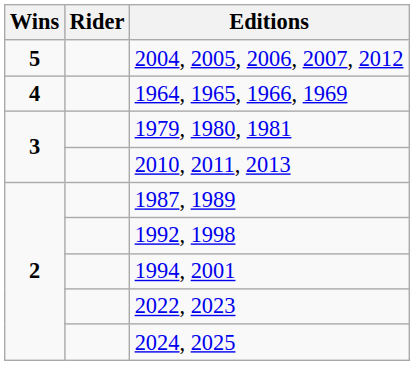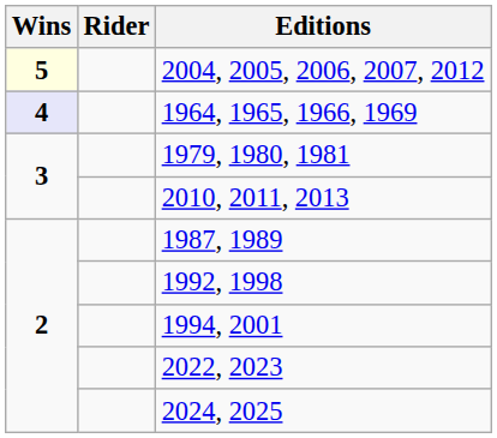 <table class="wikitable">
 <tr>
 <th>Wins</th>
 <th>Rider</th>
 <th>Editions</th>
 </tr>
 <tr>
-<td align=center><strong>5</strong></td>
+<td align=center style="background: lightyellow;"><strong>5</strong></td>
 <td></td>
 <td><a href='#'>2004</a>, <a href='#'>2005</a>, <a href='#'>2006</a>, <a href='#'>2007</a>, <a href='#'>2012</a></td>
 </tr>
 <tr>
-<td align=center><strong>4</strong></td>
+<td align=center style="background: lavender;"><strong>4</strong></td>
 <td></td>
 <td><a href='#'>1964</a>, <a href='#'>1965</a>, <a href='#'>1966</a>, <a href='#'>1969</a></td>
 </tr>
 <tr>
 <td align=center rowspan= 2><strong>3</strong></td>
 <td></td>
 <td><a href='#'>1979</a>, <a href='#'>1980</a>, <a href='#'>1981</a></td>
 </tr>
 <tr>
 <td></td>
 <td><a href='#'>2010</a>, <a href='#'>2011</a>, <a href='#'>2013</a></td>
 </tr>
 <tr>
 <td align=center rowspan= 5><strong>2</strong></td>
 <td></td>
 <td><a href='#'>1987</a>, <a href='#'>1989</a></td>
 </tr>
 <tr>
 <td></td>
 <td><a href='#'>1992</a>, <a href='#'>1998</a></td>
 </tr>
 <tr>
 <td></td>
 <td><a href='#'>1994</a>, <a href='#'>2001</a></td>
 </tr>
 <tr>
 <td></td>
 <td><a href='#'>2022</a>, <a href='#'>2023</a></td>
 </tr>
 <tr>
 <td></td>
 <td><a href='#'>2024</a>, <a href='#'>2025</a></td>
 </tr>
 </table>
